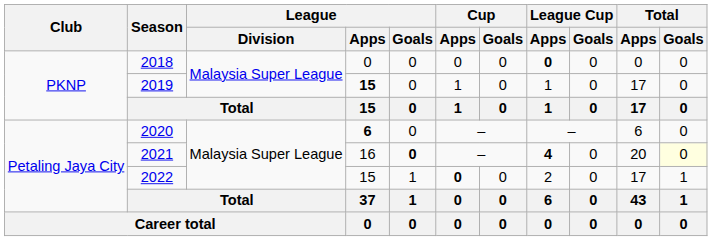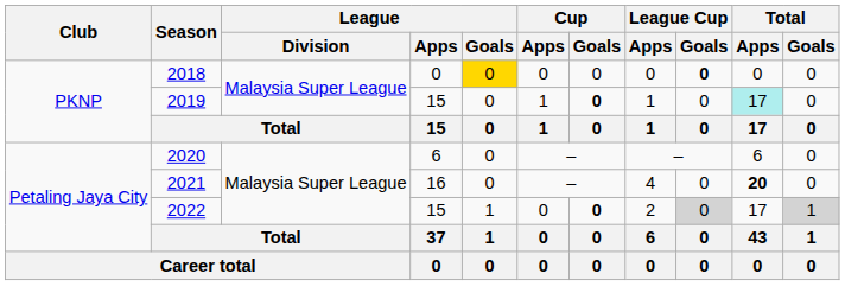 <table class="wikitable" style="font-size:100%; text-align: center;">
 <tr>
 <th rowspan="2">Club</th>
 <th rowspan="2">Season</th>
 <th colspan="3">League</th>
 <th colspan="2">Cup</th>
 <th colspan="2">League Cup</th>
 <th colspan="2">Total</th>
 </tr>
 <tr>
 <th>Division</th>
 <th>Apps</th>
 <th>Goals</th>
 <th>Apps</th>
 <th>Goals</th>
 <th>Apps</th>
 <th>Goals</th>
 <th>Apps</th>
 <th>Goals</th>
 </tr>
 <tr>
 <td rowspan="3" valign="center"><a href='#'>PKNP</a></td>
 <td><a href='#'>2018</a></td>
 <td rowspan="2" valign="center"><a href='#'>Malaysia Super League</a></td>
 <td>0</td>
+<td style="background: gold;">0</td>
 <td>0</td>
 <td>0</td>
 <td>0</td>
 <td><strong>0</strong></td>
 <td>0</td>
 <td>0</td>
-<td>0</td>
 </tr>
 <tr>
 <td><a href='#'>2019</a></td>
-<td><strong>15</strong></td>
+<td>15</td>
 <td>0</td>
 <td>1</td>
-<td>0</td>
+<td><strong>0</strong></td>
 <td>1</td>
 <td>0</td>
-<td>17</td>
+<td style="background: paleturquoise;">17</td>
 <td>0</td>
 </tr>
 <tr>
 <th colspan="2">Total</th>
 <th>15</th>
 <th>0</th>
 <th>1</th>
 <th>0</th>
 <th>1</th>
 <th>0</th>
 <th>17</th>
 <th>0</th>
 </tr>
 <tr>
 <td rowspan="4" valign="center"><a href='#'>Petaling Jaya City</a></td>
 <td><a href='#'>2020</a></td>
 <td rowspan="3" valign="center">Malaysia Super League</td>
-<td><strong>6</strong></td>
+<td>6</td>
 <td>0</td>
 <td colspan=2>–</td>
 <td colspan=2>–</td>
 <td>6</td>
 <td>0</td>
 </tr>
 <tr>
 <td><a href='#'>2021</a></td>
 <td>16</td>
-<td><strong>0</strong></td>
+<td>0</td>
 <td colspan=2>–</td>
-<td><strong>4</strong></td>
+<td>4</td>
 <td>0</td>
-<td>20</td>
-<td style="background: lightyellow;">0</td>
+<td><strong>20</strong></td>
+<td>0</td>
 </tr>
 <tr>
 <td><a href='#'>2022</a></td>
 <td>15</td>
 <td>1</td>
+<td>0</td>
 <td><strong>0</strong></td>
-<td>0</td>
 <td>2</td>
-<td>0</td>
+<td style="background: lightgrey;">0</td>
 <td>17</td>
-<td>1</td>
+<td style="background: lightgrey;">1</td>
 </tr>
 <tr>
 <th colspan="2">Total</th>
 <th>37</th>
 <th>1</th>
 <th>0</th>
 <th>0</th>
 <th>6</th>
 <th>0</th>
 <th>43</th>
 <th>1</th>
 </tr>
 <tr>
 <th colspan="3">Career total</th>
 <th>0</th>
 <th>0</th>
 <th>0</th>
 <th>0</th>
 <th>0</th>
 <th>0</th>
 <th>0</th>
 <th>0</th>
 </tr>
 </table>
